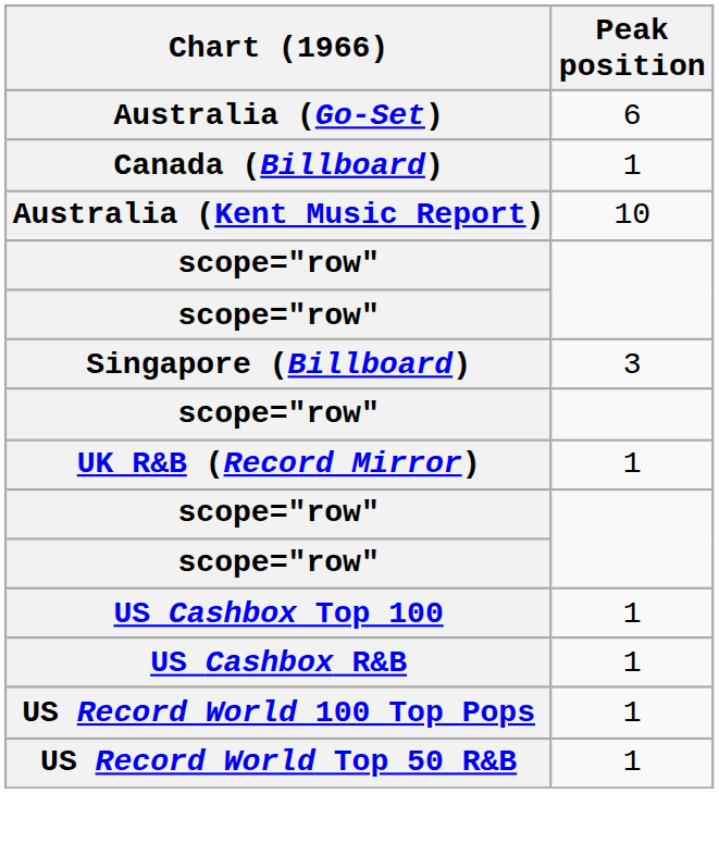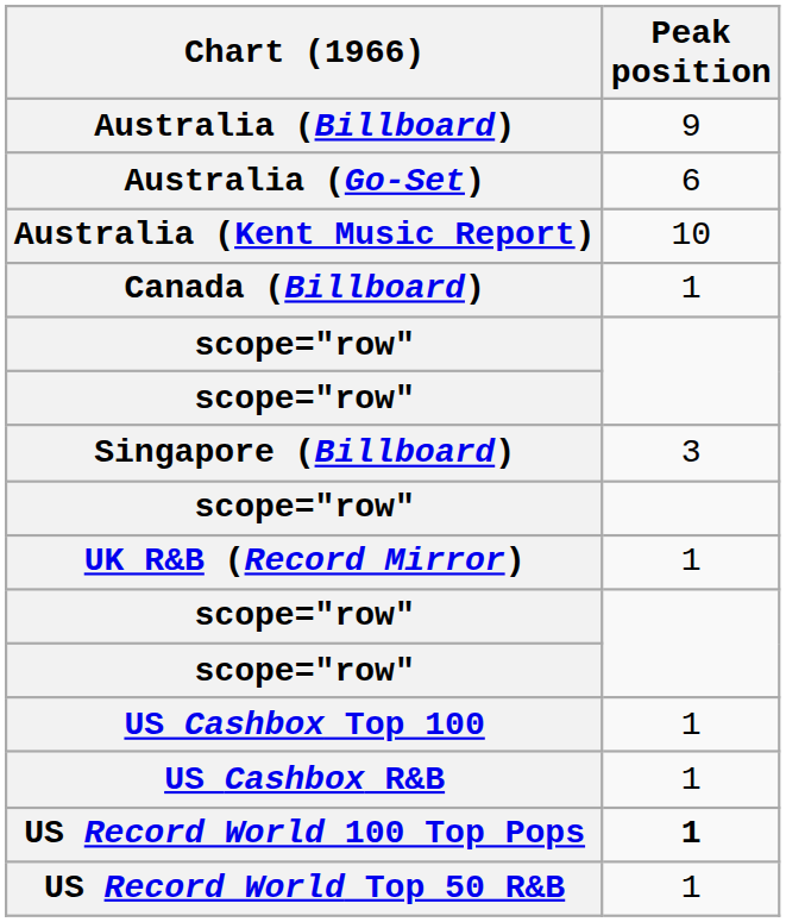 <table class="wikitable sortable plainrowheaders">
 <tr>
 <th scope="col">Chart (1966)</th>
 <th scope="col">Peak<br>position</th>
 </tr>
 <tr>
+<th scope="row">Australia (<em><a href='#'>Billboard</a></em>)</th>
+<td style="text-align:center;">9</td>
+</tr>
+<tr>
 <th scope="row">Australia (<em><a href='#'>Go-Set</a></em>)</th>
 <td style="text-align:center;">6</td>
 </tr>
 <tr>
+<th scope="row">Australia (<a href='#'>Kent Music Report</a>)</th>
+<td style="text-align:center;">10</td>
+</tr>
+<tr>
 <th scope="row">Canada (<a href='#'><em>Billboard</em></a>)</th>
 <td style="text-align:center;">1</td>
-</tr>
-<tr>
-<th scope="row">Australia (<a href='#'>Kent Music Report</a>)</th>
-<td style="text-align:center;">10</td>
 </tr>
 <tr>
 <th>scope="row" </th>
 </tr>
 <tr>
 <th>scope="row" </th>
 </tr>
 <tr>
 <th scope="row">Singapore (<a href='#'><em>Billboard</em></a>)</th>
 <td style="text-align:center;">3</td>
 </tr>
 <tr>
 <th>scope="row" </th>
 </tr>
 <tr>
 <th scope="row"><a href='#'>UK R&B</a> (<em><a href='#'>Record Mirror</a></em>)</th>
 <td align="center">1</td>
 </tr>
 <tr>
 <th>scope="row" </th>
 </tr>
 <tr>
 <th>scope="row" </th>
 </tr>
 <tr>
 <th scope="row"><a href='#'>US <em>Cashbox</em> Top 100</a></th>
 <td style="text-align:center;">1</td>
 </tr>
 <tr>
 <th scope="row"><a href='#'>US <em>Cashbox</em> R&B</a></th>
 <td style="text-align:center;">1</td>
 </tr>
 <tr>
 <th scope="row">US <a href='#'><em>Record World</em> 100 Top Pops</a></th>
-<td style="text-align:center;">1</td>
+<td style="text-align:center;"><strong>1</strong></td>
 </tr>
 <tr>
 <th scope="row">US <a href='#'><em>Record World</em> Top 50 R&B</a></th>
 <td style="text-align:center;">1</td>
 </tr>
 </table>
